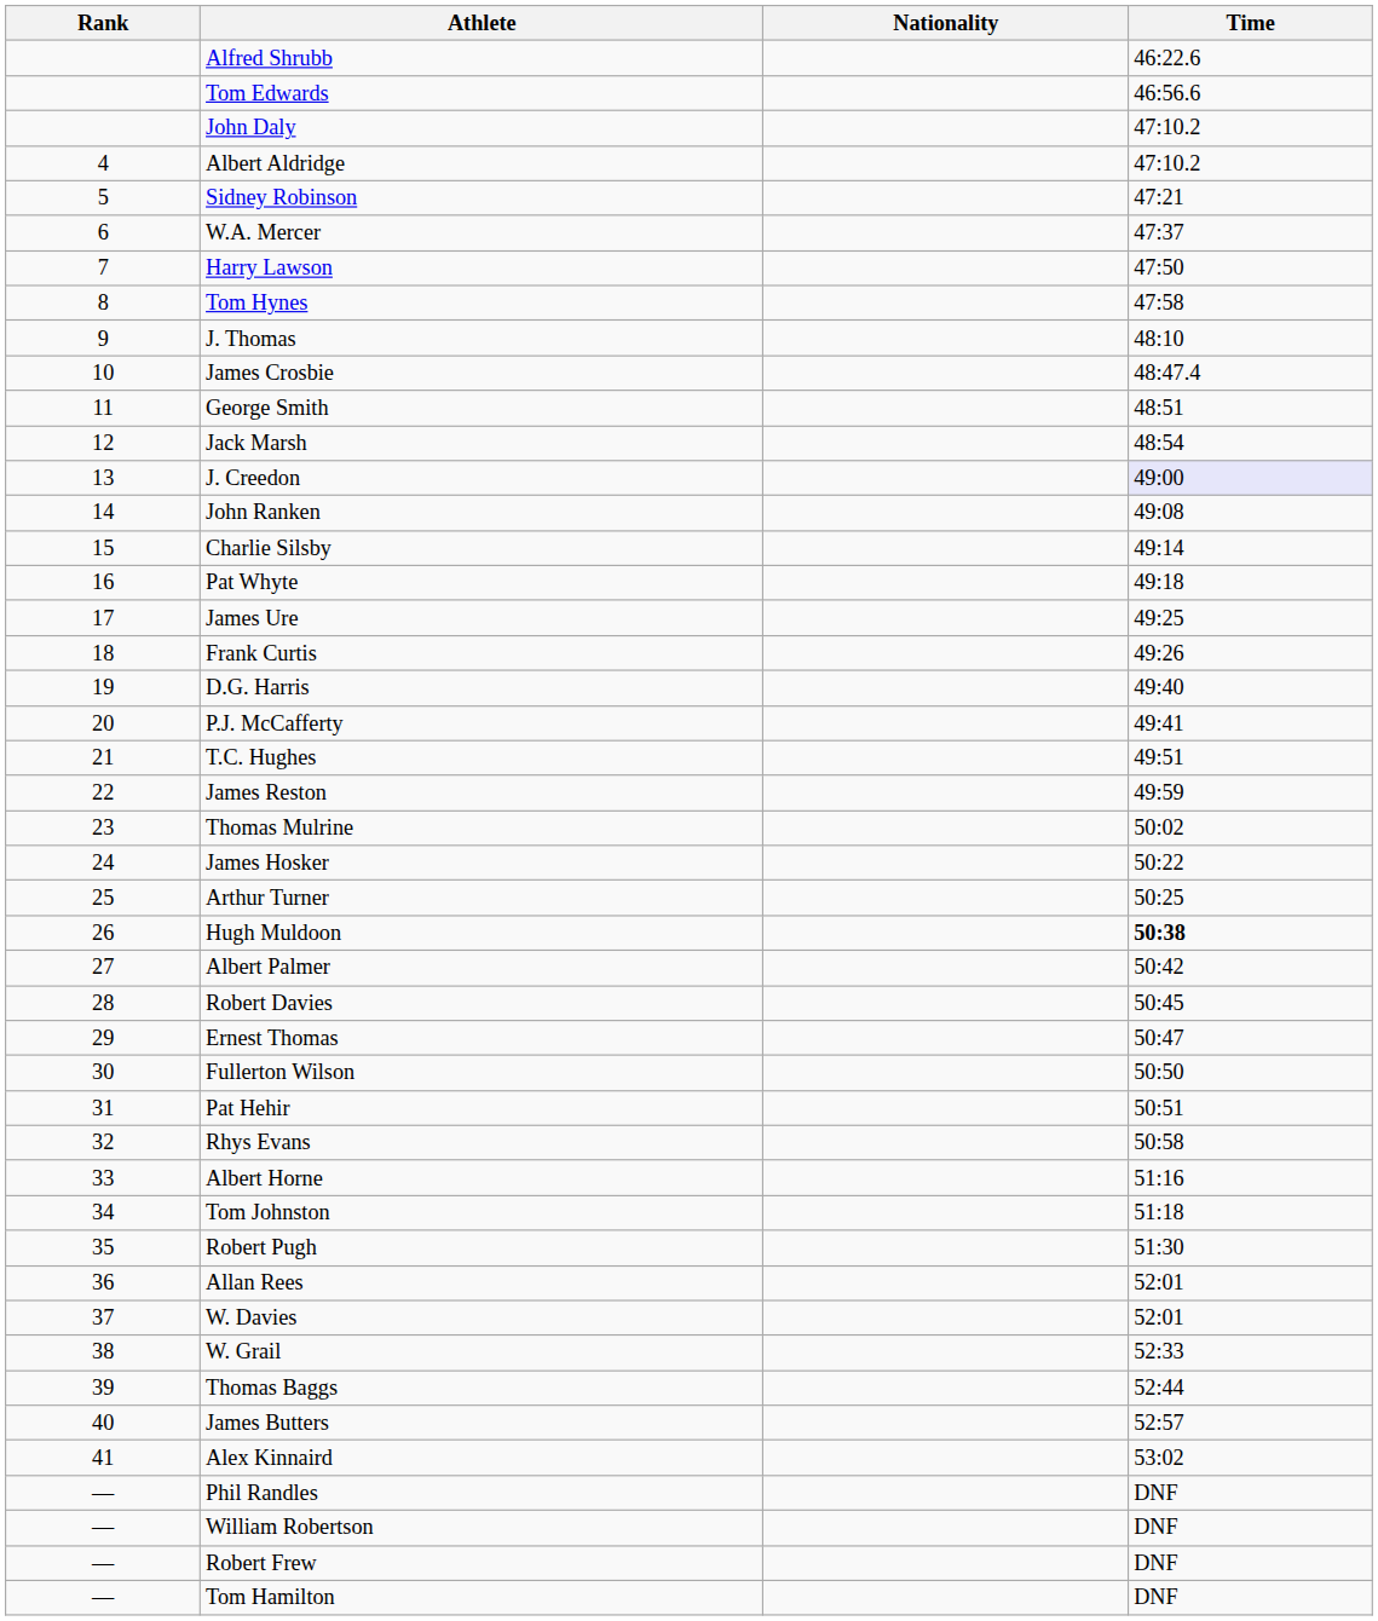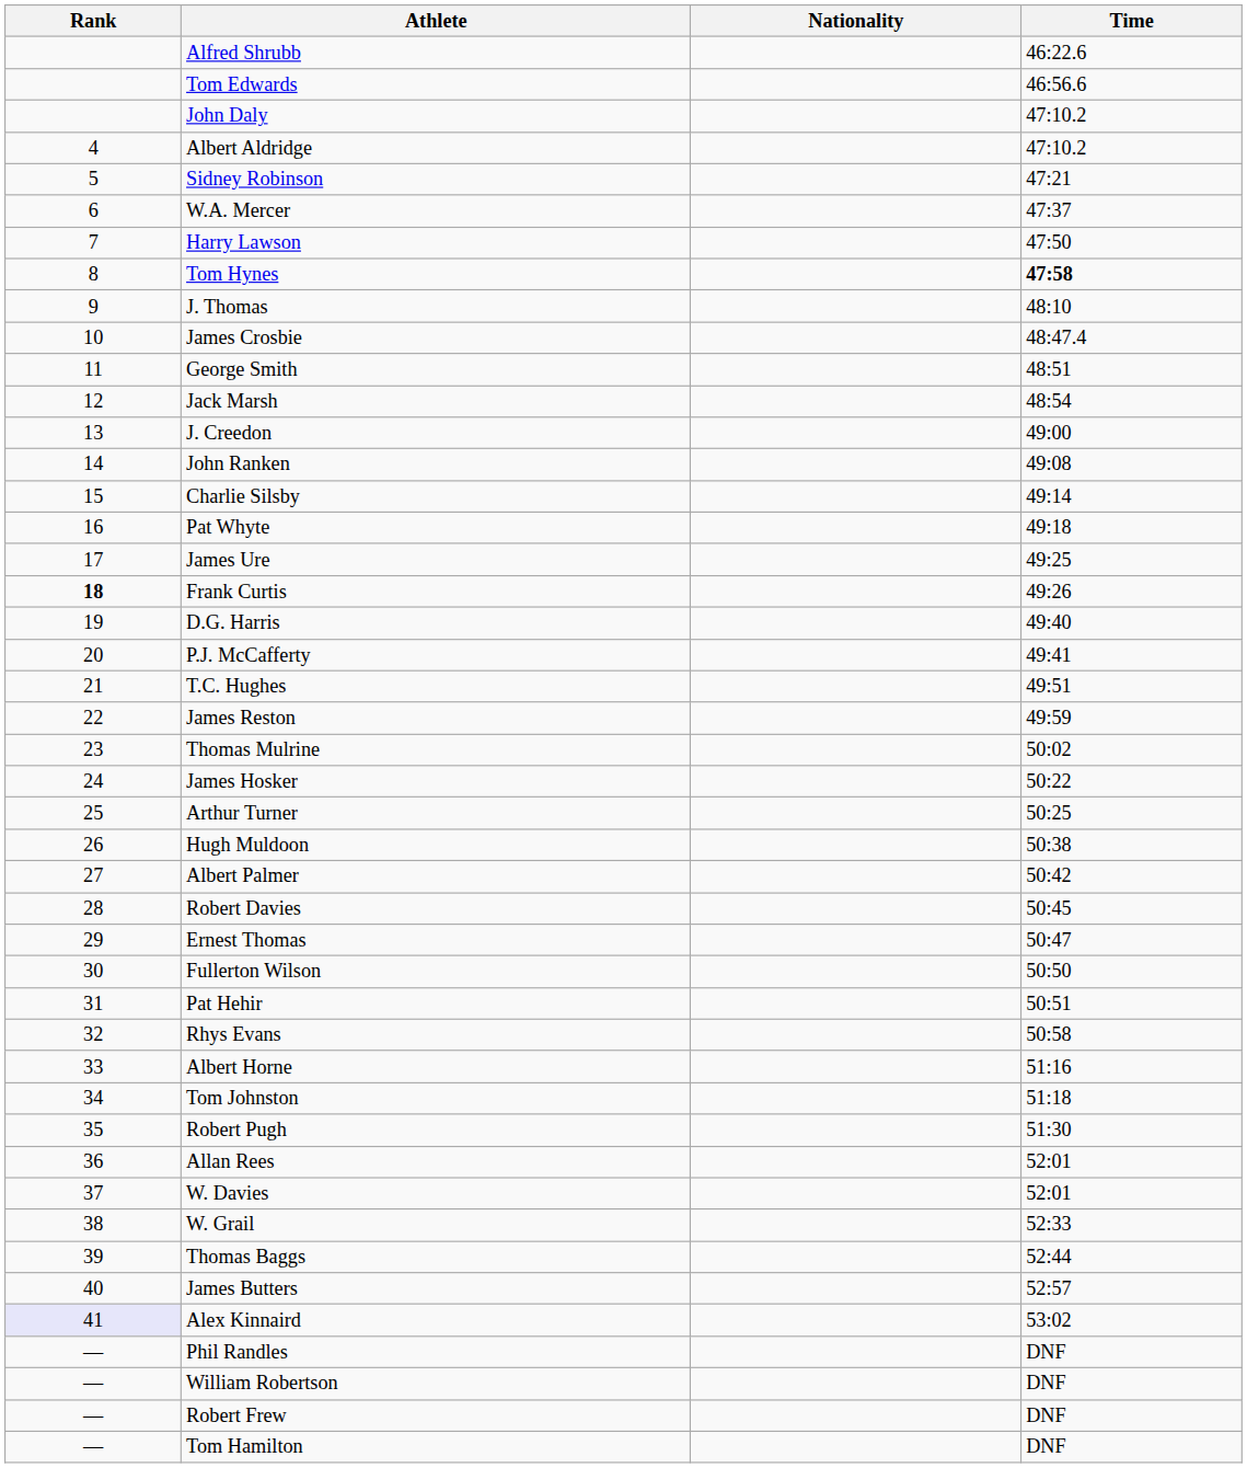 <table class="wikitable sortable" font-size:95%;" width="50%">
 <tr>
 <th>Rank</th>
 <th>Athlete</th>
 <th>Nationality</th>
 <th>Time</th>
 </tr>
 <tr>
 <td align=center></td>
 <td><a href='#'>Alfred Shrubb</a></td>
 <td></td>
 <td>46:22.6</td>
 </tr>
 <tr>
 <td align=center></td>
 <td><a href='#'>Tom Edwards</a></td>
 <td></td>
 <td>46:56.6</td>
 </tr>
 <tr>
 <td align=center></td>
 <td><a href='#'>John Daly</a></td>
 <td></td>
 <td>47:10.2</td>
 </tr>
 <tr>
 <td align=center>4</td>
 <td>Albert Aldridge</td>
 <td></td>
 <td>47:10.2</td>
 </tr>
 <tr>
 <td align=center>5</td>
 <td><a href='#'>Sidney Robinson</a></td>
 <td></td>
 <td>47:21</td>
 </tr>
 <tr>
 <td align=center>6</td>
 <td>W.A. Mercer</td>
 <td></td>
 <td>47:37</td>
 </tr>
 <tr>
 <td align=center>7</td>
 <td><a href='#'>Harry Lawson</a></td>
 <td></td>
 <td>47:50</td>
 </tr>
 <tr>
 <td align=center>8</td>
 <td><a href='#'>Tom Hynes</a></td>
 <td></td>
-<td>47:58</td>
+<td><strong>47:58</strong></td>
 </tr>
 <tr>
 <td align=center>9</td>
 <td>J. Thomas</td>
 <td></td>
 <td>48:10</td>
 </tr>
 <tr>
 <td align=center>10</td>
 <td>James Crosbie</td>
 <td></td>
 <td>48:47.4</td>
 </tr>
 <tr>
 <td align=center>11</td>
 <td>George Smith</td>
 <td></td>
 <td>48:51</td>
 </tr>
 <tr>
 <td align=center>12</td>
 <td>Jack Marsh</td>
 <td></td>
 <td>48:54</td>
 </tr>
 <tr>
 <td align=center>13</td>
 <td>J. Creedon</td>
 <td></td>
-<td style="background: lavender;">49:00</td>
+<td>49:00</td>
 </tr>
 <tr>
 <td align=center>14</td>
 <td>John Ranken</td>
 <td></td>
 <td>49:08</td>
 </tr>
 <tr>
 <td align=center>15</td>
 <td>Charlie Silsby</td>
 <td></td>
 <td>49:14</td>
 </tr>
 <tr>
 <td align=center>16</td>
 <td>Pat Whyte</td>
 <td></td>
 <td>49:18</td>
 </tr>
 <tr>
 <td align=center>17</td>
 <td>James Ure</td>
 <td></td>
 <td>49:25</td>
 </tr>
 <tr>
-<td align=center>18</td>
+<td align=center><strong>18</strong></td>
 <td>Frank Curtis</td>
 <td></td>
 <td>49:26</td>
 </tr>
 <tr>
 <td align=center>19</td>
 <td>D.G. Harris</td>
 <td></td>
 <td>49:40</td>
 </tr>
 <tr>
 <td align=center>20</td>
 <td>P.J. McCafferty</td>
 <td></td>
 <td>49:41</td>
 </tr>
 <tr>
 <td align=center>21</td>
 <td>T.C. Hughes</td>
 <td></td>
 <td>49:51</td>
 </tr>
 <tr>
 <td align=center>22</td>
 <td>James Reston</td>
 <td></td>
 <td>49:59</td>
 </tr>
 <tr>
 <td align=center>23</td>
 <td>Thomas Mulrine</td>
 <td></td>
 <td>50:02</td>
 </tr>
 <tr>
 <td align=center>24</td>
 <td>James Hosker</td>
 <td></td>
 <td>50:22</td>
 </tr>
 <tr>
 <td align=center>25</td>
 <td>Arthur Turner</td>
 <td></td>
 <td>50:25</td>
 </tr>
 <tr>
 <td align=center>26</td>
 <td>Hugh Muldoon</td>
 <td></td>
-<td><strong>50:38</strong></td>
+<td>50:38</td>
 </tr>
 <tr>
 <td align=center>27</td>
 <td>Albert Palmer</td>
 <td></td>
 <td>50:42</td>
 </tr>
 <tr>
 <td align=center>28</td>
 <td>Robert Davies</td>
 <td></td>
 <td>50:45</td>
 </tr>
 <tr>
 <td align=center>29</td>
 <td>Ernest Thomas</td>
 <td></td>
 <td>50:47</td>
 </tr>
 <tr>
 <td align=center>30</td>
 <td>Fullerton Wilson</td>
 <td></td>
 <td>50:50</td>
 </tr>
 <tr>
 <td align=center>31</td>
 <td>Pat Hehir</td>
 <td></td>
 <td>50:51</td>
 </tr>
 <tr>
 <td align=center>32</td>
 <td>Rhys Evans</td>
 <td></td>
 <td>50:58</td>
 </tr>
 <tr>
 <td align=center>33</td>
 <td>Albert Horne</td>
 <td></td>
 <td>51:16</td>
 </tr>
 <tr>
 <td align=center>34</td>
 <td>Tom Johnston</td>
 <td></td>
 <td>51:18</td>
 </tr>
 <tr>
 <td align=center>35</td>
 <td>Robert Pugh</td>
 <td></td>
 <td>51:30</td>
 </tr>
 <tr>
 <td align=center>36</td>
 <td>Allan Rees</td>
 <td></td>
 <td>52:01</td>
 </tr>
 <tr>
 <td align=center>37</td>
 <td>W. Davies</td>
 <td></td>
 <td>52:01</td>
 </tr>
 <tr>
 <td align=center>38</td>
 <td>W. Grail</td>
 <td></td>
 <td>52:33</td>
 </tr>
 <tr>
 <td align=center>39</td>
 <td>Thomas Baggs</td>
 <td></td>
 <td>52:44</td>
 </tr>
 <tr>
 <td align=center>40</td>
 <td>James Butters</td>
 <td></td>
 <td>52:57</td>
 </tr>
 <tr>
-<td align=center>41</td>
+<td align=center style="background: lavender;">41</td>
 <td>Alex Kinnaird</td>
 <td></td>
 <td>53:02</td>
 </tr>
 <tr>
 <td align=center>—</td>
 <td>Phil Randles</td>
 <td></td>
 <td>DNF</td>
 </tr>
 <tr>
 <td align=center>—</td>
 <td>William Robertson</td>
 <td></td>
 <td>DNF</td>
 </tr>
 <tr>
 <td align=center>—</td>
 <td>Robert Frew</td>
 <td></td>
 <td>DNF</td>
 </tr>
 <tr>
 <td align=center>—</td>
 <td>Tom Hamilton</td>
 <td></td>
 <td>DNF</td>
 </tr>
 </table>
